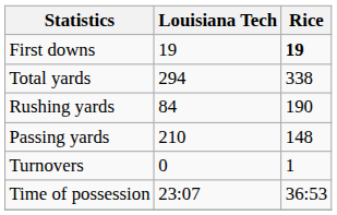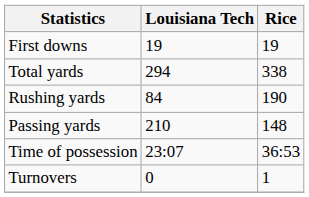 <table class="wikitable" style="float: left;">
 <tr>
 <th>Statistics</th>
 <th>Louisiana Tech</th>
 <th>Rice</th>
 </tr>
 <tr>
 <td>First downs</td>
 <td>19</td>
-<td><strong>19</strong></td>
+<td>19</td>
 </tr>
 <tr>
 <td>Total yards</td>
 <td>294</td>
 <td>338</td>
 </tr>
 <tr>
 <td>Rushing yards</td>
 <td>84</td>
 <td>190</td>
 </tr>
 <tr>
 <td>Passing yards</td>
 <td>210</td>
 <td>148</td>
 </tr>
 <tr>
+<td>Time of possession</td>
+<td>23:07</td>
+<td>36:53</td>
+</tr>
+<tr>
 <td>Turnovers</td>
 <td>0</td>
 <td>1</td>
 </tr>
 <tr>
-<td>Time of possession</td>
-<td>23:07</td>
-<td>36:53</td>
-</tr>
-<tr>
 </tr>
 </table>
